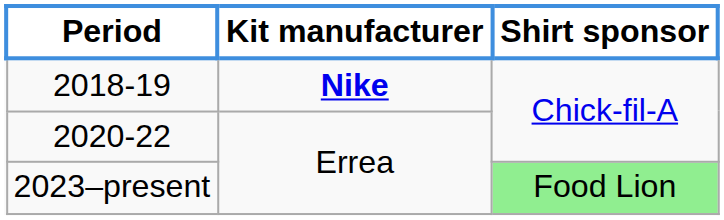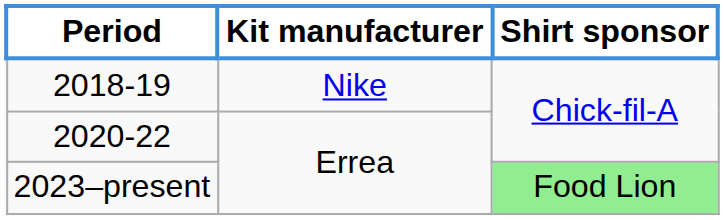 <table class="wikitable" style="text-align:center;margin-left:1em;float:center">
 <tr>
 <th style="background:#FFFFFF; color:#000000; border:2px solid #3E8EDE;">Period</th>
 <th style="background:#FFFFFF; color:#000000; border:2px solid #3E8EDE;">Kit manufacturer</th>
 <th style="background:#FFFFFF; color:#000000; border:2px solid #3E8EDE;">Shirt sponsor</th>
 </tr>
 <tr>
 <td>2018-19</td>
-<td><strong><a href='#'>Nike</a></strong></td>
+<td><a href='#'>Nike</a></td>
 <td rowspan=2><a href='#'>Chick-fil-A</a></td>
 </tr>
 <tr>
 <td>2020-22</td>
 <td rowspan=2>Errea</td>
 </tr>
 <tr>
 <td>2023–present</td>
 <td style="background: lightgreen;">Food Lion</td>
 </tr>
 </table>
